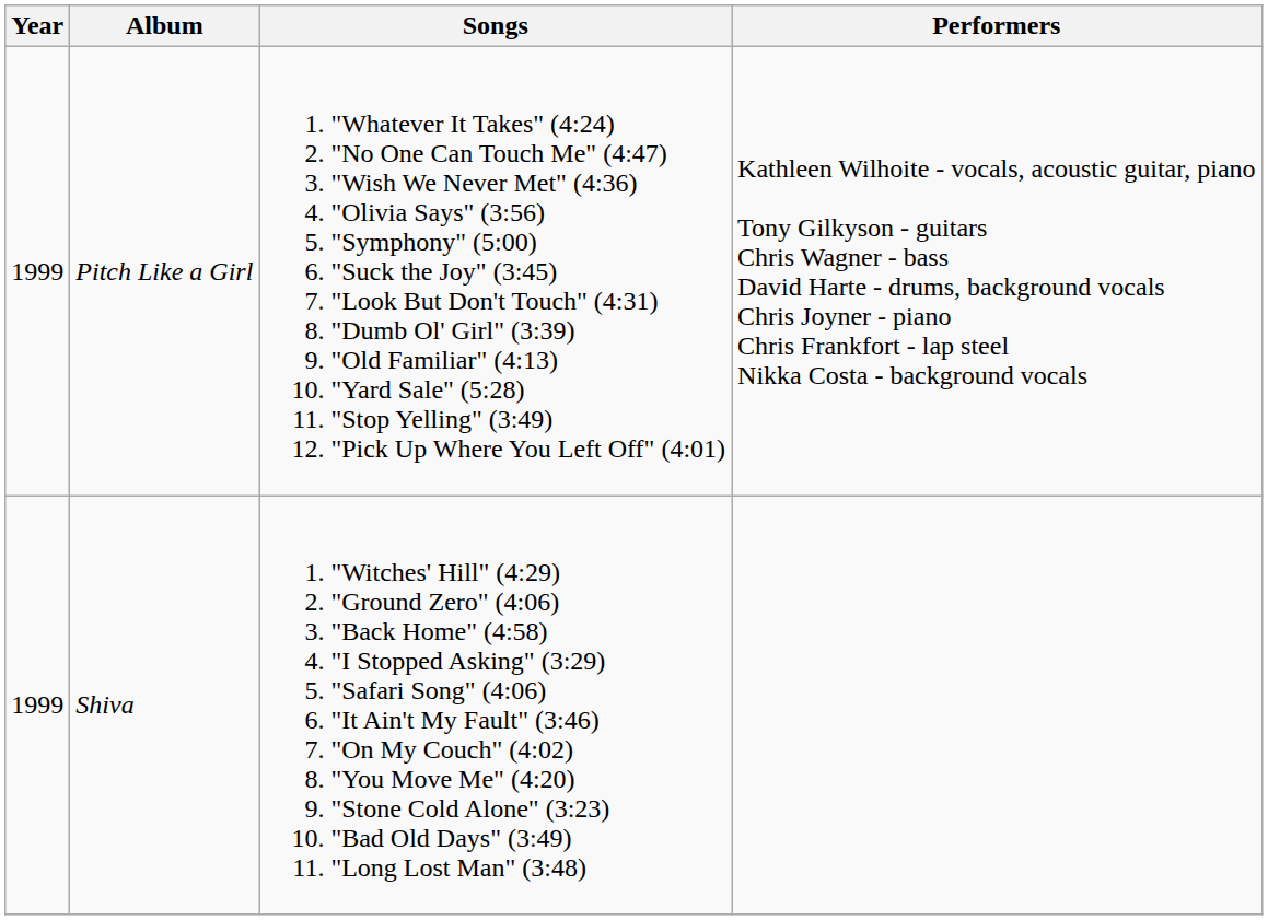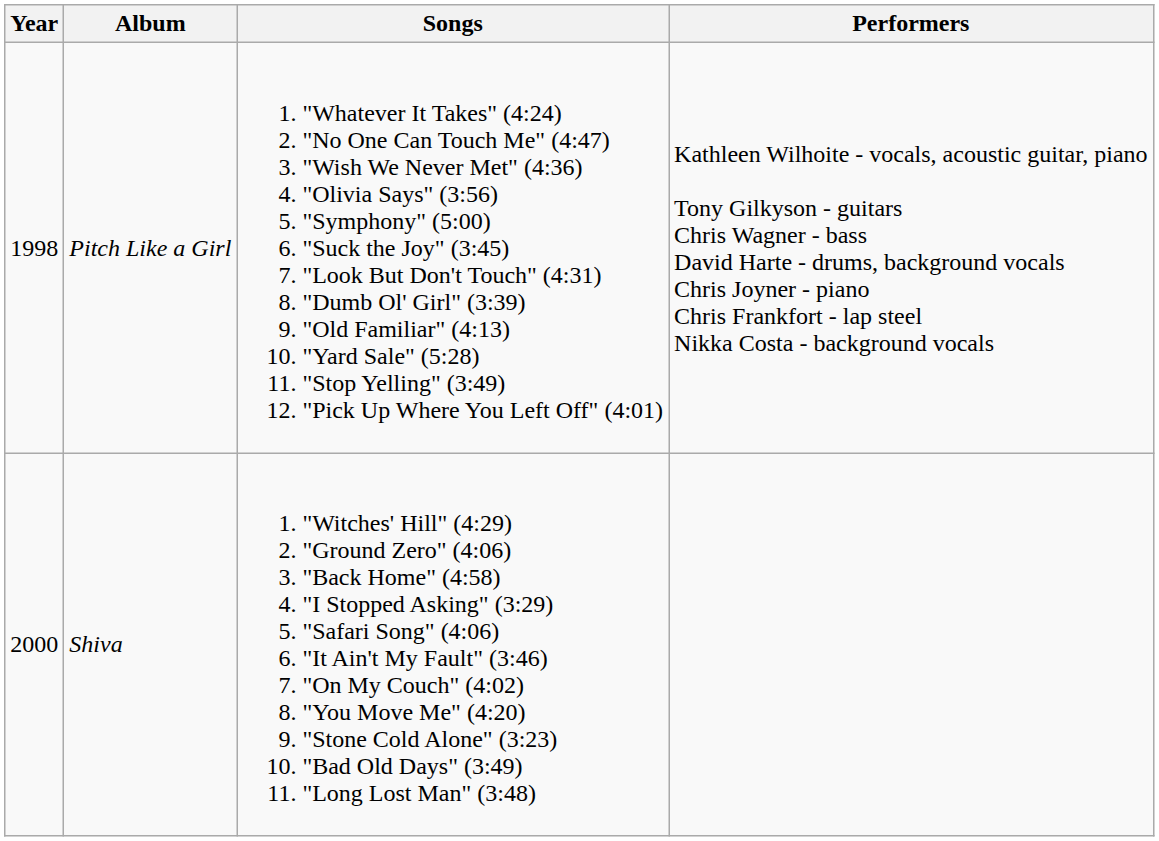 <table class="wikitable sortable">
 <tr>
 <th>Year</th>
 <th>Album</th>
 <th>Songs</th>
 <th>Performers</th>
 </tr>
 <tr>
-<td>1999</td>
+<td>1998</td>
 <td><em>Pitch Like a Girl</em></td>
 <td><br><ol><li>"Whatever It Takes" (4:24)</li><li>"No One Can Touch Me" (4:47)</li><li>"Wish We Never Met" (4:36)</li><li>"Olivia Says" (3:56)</li><li>"Symphony" (5:00)</li><li>"Suck the Joy" (3:45)</li><li>"Look But Don't Touch" (4:31)</li><li>"Dumb Ol' Girl" (3:39)</li><li>"Old Familiar" (4:13)</li><li>"Yard Sale" (5:28)</li><li>"Stop Yelling" (3:49)</li><li>"Pick Up Where You Left Off" (4:01)</li></ol></td>
 <td>Kathleen Wilhoite - vocals, acoustic guitar, piano<br><br>Tony Gilkyson - guitars<br> Chris Wagner - bass<br> David Harte - drums, background vocals<br> Chris Joyner - piano<br> Chris Frankfort - lap steel<br> Nikka Costa - background vocals</td>
 </tr>
 <tr>
-<td>1999</td>
+<td>2000</td>
 <td><em>Shiva</em></td>
 <td><br><ol><li>"Witches' Hill" (4:29)</li><li>"Ground Zero" (4:06)</li><li>"Back Home" (4:58)</li><li>"I Stopped Asking" (3:29)</li><li>"Safari Song" (4:06)</li><li>"It Ain't My Fault" (3:46)</li><li>"On My Couch" (4:02)</li><li>"You Move Me" (4:20)</li><li>"Stone Cold Alone" (3:23)</li><li>"Bad Old Days" (3:49)</li><li>"Long Lost Man" (3:48)</li></ol></td>
 <td></td>
 </tr>
 </table>
